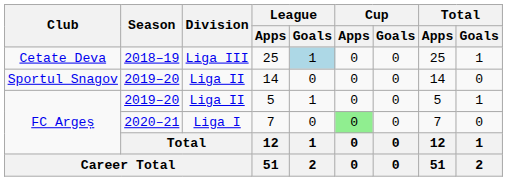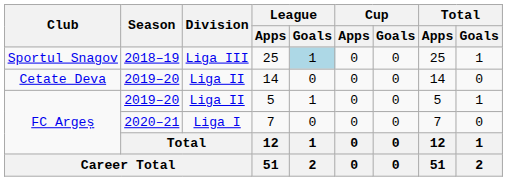 <table class="wikitable" style="text-align:center">
 <tr>
 <th rowspan="2">Club</th>
 <th rowspan="2">Season</th>
 <th rowspan="2">Division</th>
 <th colspan="2">League</th>
 <th colspan="2">Cup</th>
 <th colspan="2">Total</th>
 </tr>
 <tr>
 <th>Apps</th>
 <th>Goals</th>
 <th>Apps</th>
 <th>Goals</th>
 <th>Apps</th>
 <th>Goals</th>
 </tr>
 <tr>
-<td><a href='#'>Cetate Deva</a></td>
+<td><a href='#'>Sportul Snagov</a></td>
 <td><a href='#'>2018–19</a></td>
 <td><a href='#'>Liga III</a></td>
 <td>25</td>
 <td style="background: lightblue;">1</td>
 <td>0</td>
 <td>0</td>
 <td>25</td>
 <td>1</td>
 </tr>
 <tr>
-<td><a href='#'>Sportul Snagov</a></td>
+<td><a href='#'>Cetate Deva</a></td>
 <td><a href='#'>2019–20</a></td>
 <td><a href='#'>Liga II</a></td>
 <td>14</td>
 <td>0</td>
 <td>0</td>
 <td>0</td>
 <td>14</td>
 <td>0</td>
 </tr>
 <tr>
 <td rowspan="3"><a href='#'>FC Argeș</a></td>
 <td><a href='#'>2019–20</a></td>
 <td><a href='#'>Liga II</a></td>
 <td>5</td>
 <td>1</td>
 <td>0</td>
 <td>0</td>
 <td>5</td>
 <td>1</td>
 </tr>
 <tr>
 <td><a href='#'>2020–21</a></td>
 <td><a href='#'>Liga I</a></td>
 <td>7</td>
 <td>0</td>
-<td style="background: lightgreen;">0</td>
+<td>0</td>
 <td>0</td>
 <td>7</td>
 <td>0</td>
 </tr>
 <tr>
 <th colspan="2">Total</th>
 <th>12</th>
 <th>1</th>
 <th>0</th>
 <th>0</th>
 <th>12</th>
 <th>1</th>
 </tr>
 <tr>
 <th colspan="3">Career Total</th>
 <th>51</th>
 <th>2</th>
 <th>0</th>
 <th>0</th>
 <th>51</th>
 <th>2</th>
 </tr>
 </table>
